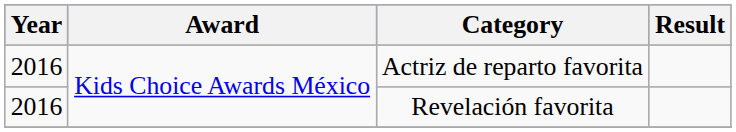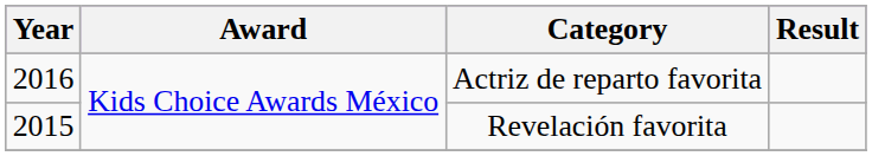 <table class="wikitable plainrowheaders" style="text-align:center;">
 <tr style="background:#96c;">
 <th scope="col">Year</th>
 <th scope="col">Award</th>
 <th scope="col">Category</th>
 <th scope="col">Result</th>
 </tr>
 <tr>
 <td scope="row">2016</td>
 <td rowspan="2"><a href='#'>Kids Choice Awards México</a></td>
 <td scope="row">Actriz de reparto favorita</td>
 <td></td>
 </tr>
 <tr>
-<td scope="row">2016</td>
+<td scope="row">2015</td>
 <td scope="row">Revelación favorita</td>
 <td></td>
 </tr>
 <tr>
 </tr>
 </table>
